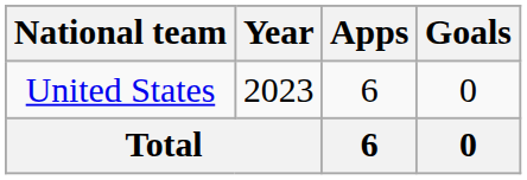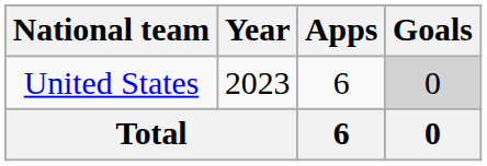 <table class="wikitable" style="text-align:center">
 <tr>
 <th>National team</th>
 <th>Year</th>
 <th>Apps</th>
 <th>Goals</th>
 </tr>
 <tr>
 <td rowspan="1"><a href='#'>United States</a></td>
 <td>2023</td>
 <td>6</td>
-<td>0</td>
+<td style="background: lightgrey;">0</td>
 </tr>
 <tr>
 <th colspan="2">Total</th>
 <th>6</th>
 <th>0</th>
 </tr>
 </table>
